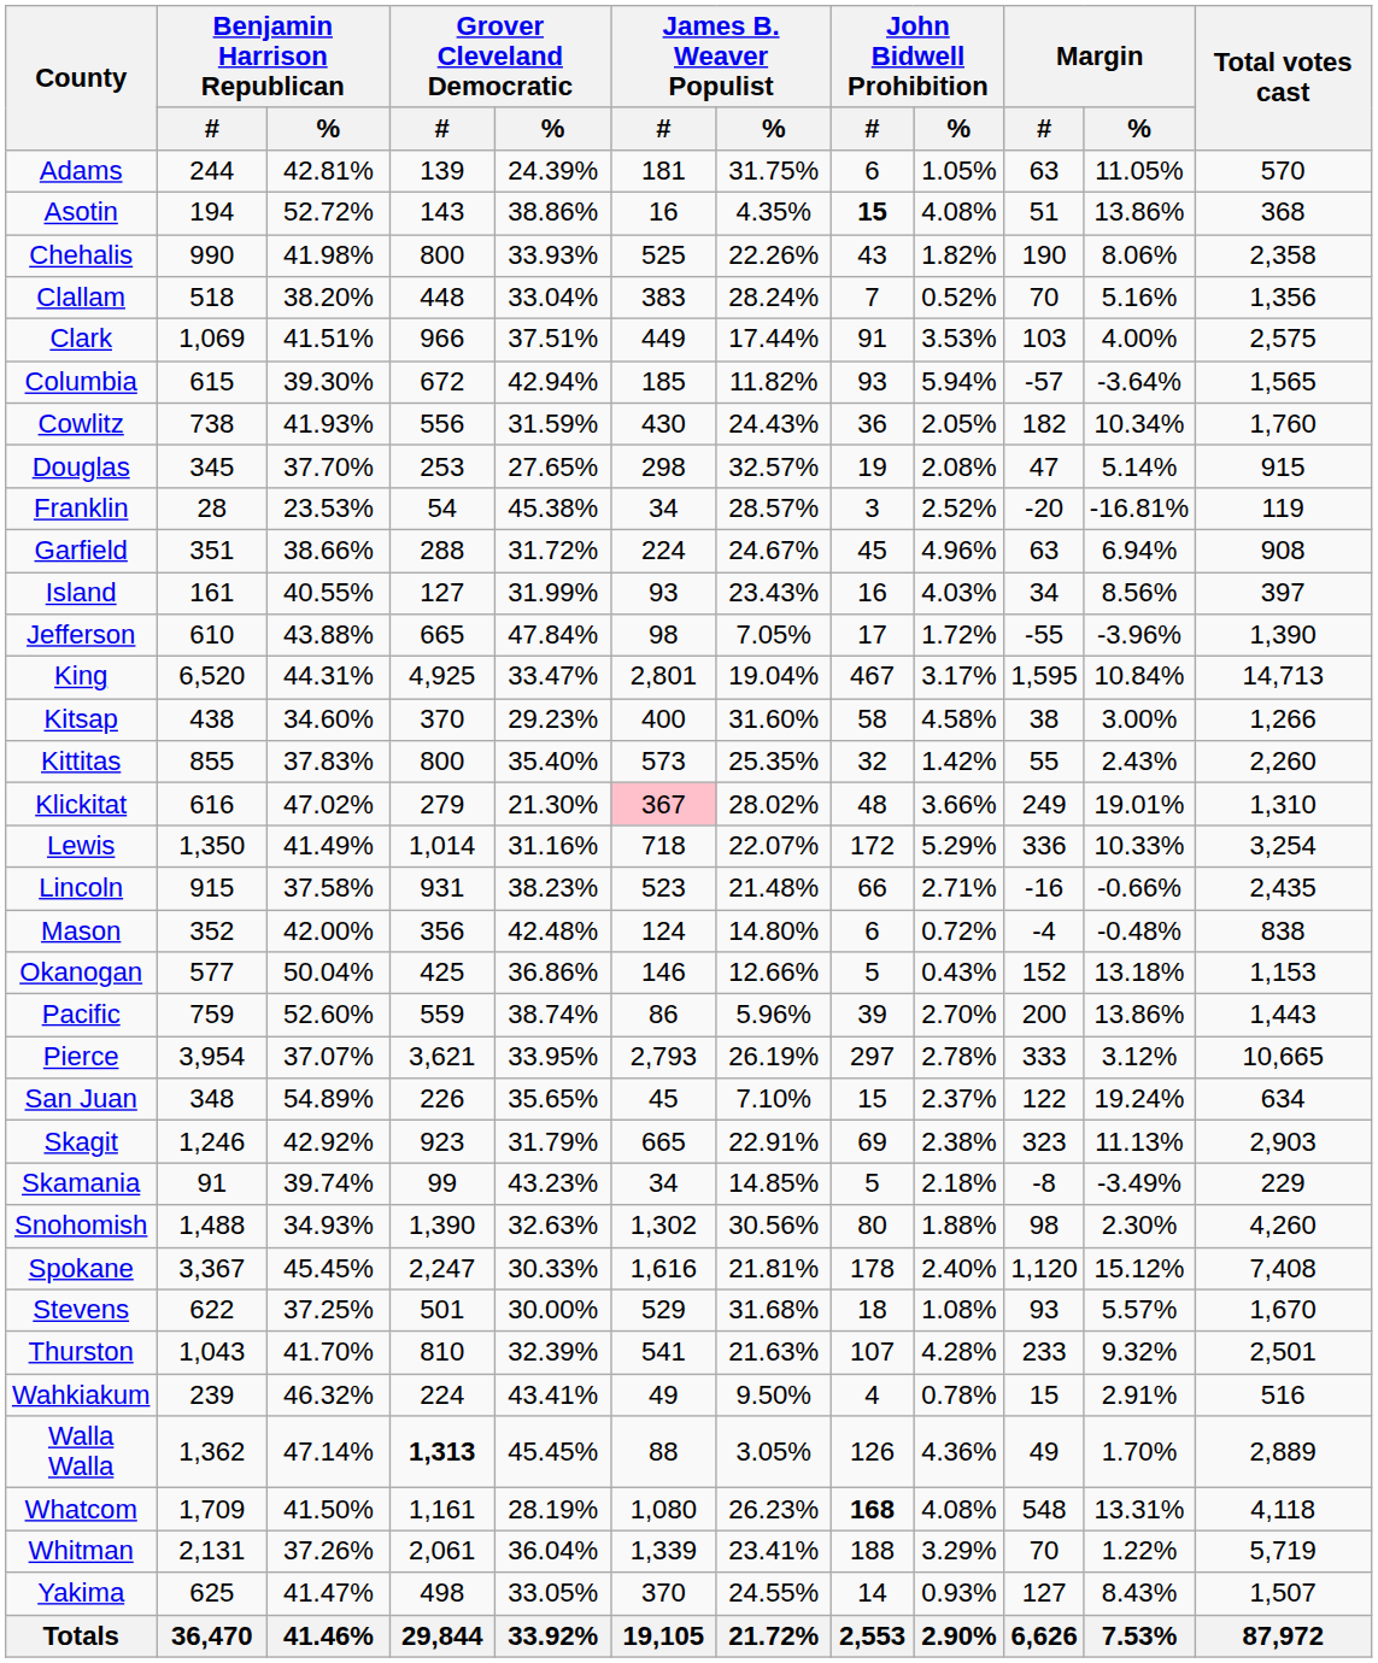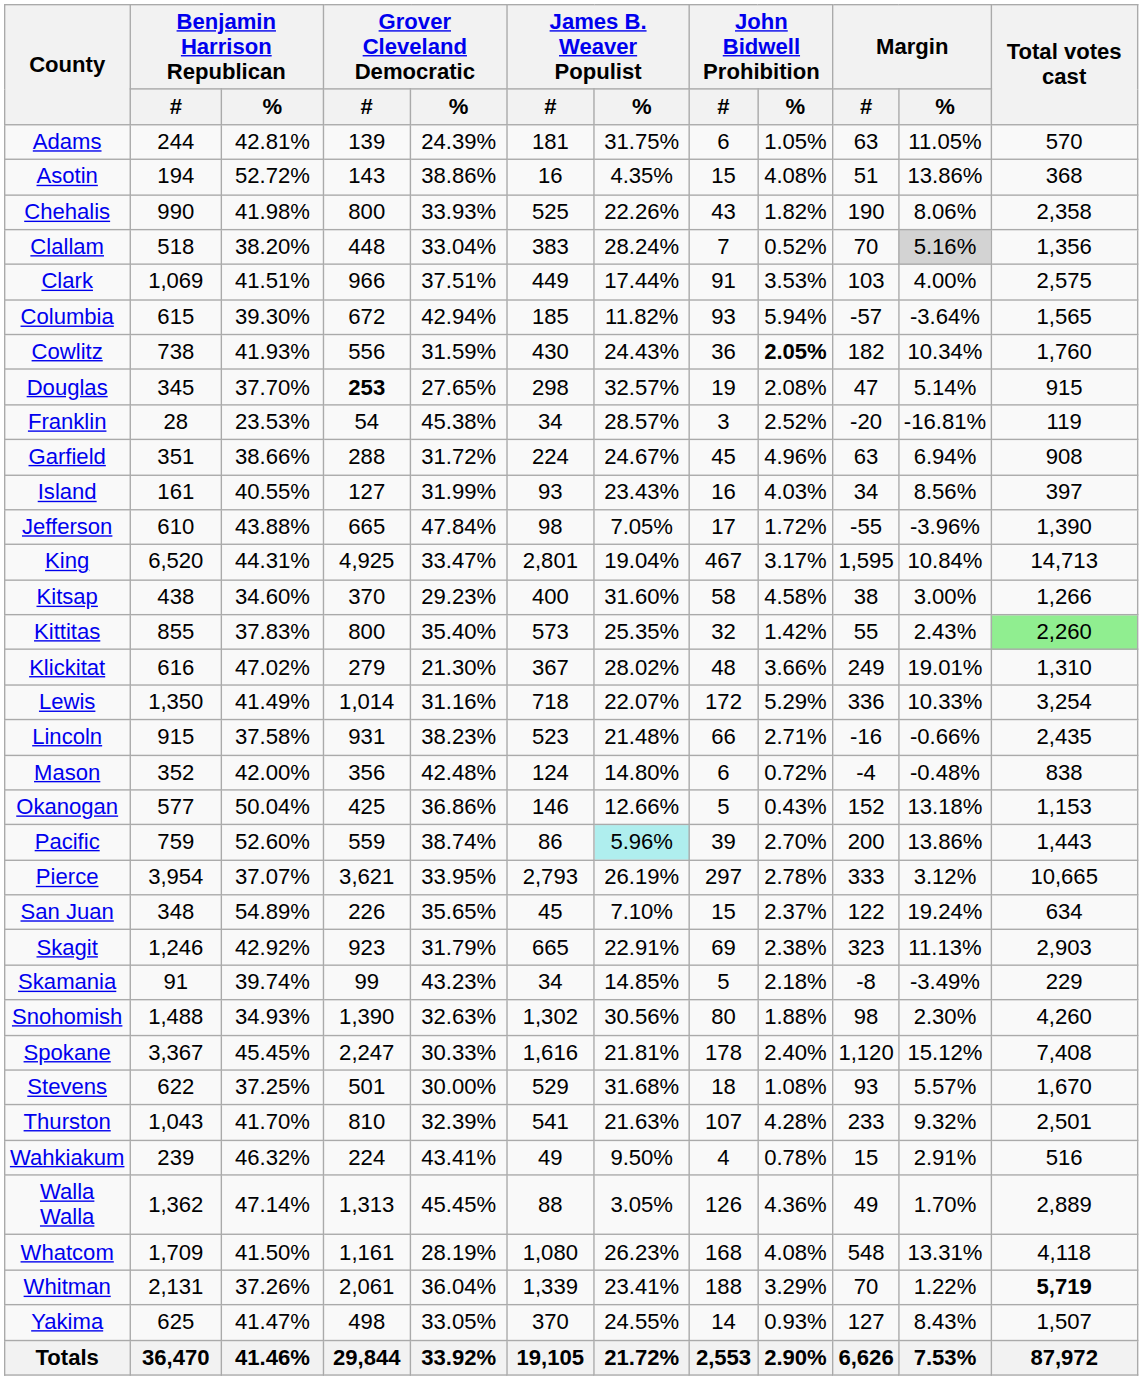 <table width="65%" class="wikitable sortable">
 <tr>
 <th style="text-align:center;" rowspan="2">County</th>
 <th style="text-align:center;" colspan="2"><a href='#'>Benjamin Harrison</a><br>Republican</th>
 <th style="text-align:center;" colspan="2"><a href='#'>Grover Cleveland</a><br>Democratic</th>
 <th style="text-align:center;" colspan="2"><a href='#'>James B. Weaver</a><br>Populist</th>
 <th style="text-align:center;" colspan="2"><a href='#'>John Bidwell</a><br>Prohibition</th>
 <th style="text-align:center;" colspan="2">Margin</th>
 <th style="text-align:center;" rowspan="2">Total votes cast</th>
 </tr>
 <tr bgcolor="lightgrey">
 <th style="text-align:center;" data-sort-type="number">#</th>
 <th style="text-align:center;" data-sort-type="number">%</th>
 <th style="text-align:center;" data-sort-type="number">#</th>
 <th style="text-align:center;" data-sort-type="number">%</th>
 <th style="text-align:center;" data-sort-type="number">#</th>
 <th style="text-align:center;" data-sort-type="number">%</th>
 <th style="text-align:center;" data-sort-type="number">#</th>
 <th style="text-align:center;" data-sort-type="number">%</th>
 <th style="text-align:center;" data-sort-type="number">#</th>
 <th style="text-align:center;" data-sort-type="number">%</th>
 </tr>
 <tr style="text-align:center;">
 <td><a href='#'>Adams</a></td>
 <td>244</td>
 <td>42.81%</td>
 <td>139</td>
 <td>24.39%</td>
 <td>181</td>
 <td>31.75%</td>
 <td>6</td>
 <td>1.05%</td>
 <td>63</td>
 <td>11.05%</td>
 <td>570</td>
 </tr>
 <tr style="text-align:center;">
 <td><a href='#'>Asotin</a></td>
 <td>194</td>
 <td>52.72%</td>
 <td>143</td>
 <td>38.86%</td>
 <td>16</td>
 <td>4.35%</td>
-<td><strong>15</strong></td>
+<td>15</td>
 <td>4.08%</td>
 <td>51</td>
 <td>13.86%</td>
 <td>368</td>
 </tr>
 <tr style="text-align:center;">
 <td><a href='#'>Chehalis</a></td>
 <td>990</td>
 <td>41.98%</td>
 <td>800</td>
 <td>33.93%</td>
 <td>525</td>
 <td>22.26%</td>
 <td>43</td>
 <td>1.82%</td>
 <td>190</td>
 <td>8.06%</td>
 <td>2,358</td>
 </tr>
 <tr style="text-align:center;">
 <td><a href='#'>Clallam</a></td>
 <td>518</td>
 <td>38.20%</td>
 <td>448</td>
 <td>33.04%</td>
 <td>383</td>
 <td>28.24%</td>
 <td>7</td>
 <td>0.52%</td>
 <td>70</td>
-<td>5.16%</td>
+<td style="background: lightgrey;">5.16%</td>
 <td>1,356</td>
 </tr>
 <tr style="text-align:center;">
 <td><a href='#'>Clark</a></td>
 <td>1,069</td>
 <td>41.51%</td>
 <td>966</td>
 <td>37.51%</td>
 <td>449</td>
 <td>17.44%</td>
 <td>91</td>
 <td>3.53%</td>
 <td>103</td>
 <td>4.00%</td>
 <td>2,575</td>
 </tr>
 <tr style="text-align:center;">
 <td><a href='#'>Columbia</a></td>
 <td>615</td>
 <td>39.30%</td>
 <td>672</td>
 <td>42.94%</td>
 <td>185</td>
 <td>11.82%</td>
 <td>93</td>
 <td>5.94%</td>
 <td>-57</td>
 <td>-3.64%</td>
 <td>1,565</td>
 </tr>
 <tr style="text-align:center;">
 <td><a href='#'>Cowlitz</a></td>
 <td>738</td>
 <td>41.93%</td>
 <td>556</td>
 <td>31.59%</td>
 <td>430</td>
 <td>24.43%</td>
 <td>36</td>
-<td>2.05%</td>
+<td><strong>2.05%</strong></td>
 <td>182</td>
 <td>10.34%</td>
 <td>1,760</td>
 </tr>
 <tr style="text-align:center;">
 <td><a href='#'>Douglas</a></td>
 <td>345</td>
 <td>37.70%</td>
-<td>253</td>
+<td><strong>253</strong></td>
 <td>27.65%</td>
 <td>298</td>
 <td>32.57%</td>
 <td>19</td>
 <td>2.08%</td>
 <td>47</td>
 <td>5.14%</td>
 <td>915</td>
 </tr>
 <tr style="text-align:center;">
 <td><a href='#'>Franklin</a></td>
 <td>28</td>
 <td>23.53%</td>
 <td>54</td>
 <td>45.38%</td>
 <td>34</td>
 <td>28.57%</td>
 <td>3</td>
 <td>2.52%</td>
 <td>-20</td>
 <td>-16.81%</td>
 <td>119</td>
 </tr>
 <tr style="text-align:center;">
 <td><a href='#'>Garfield</a></td>
 <td>351</td>
 <td>38.66%</td>
 <td>288</td>
 <td>31.72%</td>
 <td>224</td>
 <td>24.67%</td>
 <td>45</td>
 <td>4.96%</td>
 <td>63</td>
 <td>6.94%</td>
 <td>908</td>
 </tr>
 <tr style="text-align:center;">
 <td><a href='#'>Island</a></td>
 <td>161</td>
 <td>40.55%</td>
 <td>127</td>
 <td>31.99%</td>
 <td>93</td>
 <td>23.43%</td>
 <td>16</td>
 <td>4.03%</td>
 <td>34</td>
 <td>8.56%</td>
 <td>397</td>
 </tr>
 <tr style="text-align:center;">
 <td><a href='#'>Jefferson</a></td>
 <td>610</td>
 <td>43.88%</td>
 <td>665</td>
 <td>47.84%</td>
 <td>98</td>
 <td>7.05%</td>
 <td>17</td>
 <td>1.72%</td>
 <td>-55</td>
 <td>-3.96%</td>
 <td>1,390</td>
 </tr>
 <tr style="text-align:center;">
 <td><a href='#'>King</a></td>
 <td>6,520</td>
 <td>44.31%</td>
 <td>4,925</td>
 <td>33.47%</td>
 <td>2,801</td>
 <td>19.04%</td>
 <td>467</td>
 <td>3.17%</td>
 <td>1,595</td>
 <td>10.84%</td>
 <td>14,713</td>
 </tr>
 <tr style="text-align:center;">
 <td><a href='#'>Kitsap</a></td>
 <td>438</td>
 <td>34.60%</td>
 <td>370</td>
 <td>29.23%</td>
 <td>400</td>
 <td>31.60%</td>
 <td>58</td>
 <td>4.58%</td>
 <td>38</td>
 <td>3.00%</td>
 <td>1,266</td>
 </tr>
 <tr style="text-align:center;">
 <td><a href='#'>Kittitas</a></td>
 <td>855</td>
 <td>37.83%</td>
 <td>800</td>
 <td>35.40%</td>
 <td>573</td>
 <td>25.35%</td>
 <td>32</td>
 <td>1.42%</td>
 <td>55</td>
 <td>2.43%</td>
-<td>2,260</td>
+<td style="background: lightgreen;">2,260</td>
 </tr>
 <tr style="text-align:center;">
 <td><a href='#'>Klickitat</a></td>
 <td>616</td>
 <td>47.02%</td>
 <td>279</td>
 <td>21.30%</td>
-<td style="background: pink;">367</td>
+<td>367</td>
 <td>28.02%</td>
 <td>48</td>
 <td>3.66%</td>
 <td>249</td>
 <td>19.01%</td>
 <td>1,310</td>
 </tr>
 <tr style="text-align:center;">
 <td><a href='#'>Lewis</a></td>
 <td>1,350</td>
 <td>41.49%</td>
 <td>1,014</td>
 <td>31.16%</td>
 <td>718</td>
 <td>22.07%</td>
 <td>172</td>
 <td>5.29%</td>
 <td>336</td>
 <td>10.33%</td>
 <td>3,254</td>
 </tr>
 <tr style="text-align:center;">
 <td><a href='#'>Lincoln</a></td>
 <td>915</td>
 <td>37.58%</td>
 <td>931</td>
 <td>38.23%</td>
 <td>523</td>
 <td>21.48%</td>
 <td>66</td>
 <td>2.71%</td>
 <td>-16</td>
 <td>-0.66%</td>
 <td>2,435</td>
 </tr>
 <tr style="text-align:center;">
 <td><a href='#'>Mason</a></td>
 <td>352</td>
 <td>42.00%</td>
 <td>356</td>
 <td>42.48%</td>
 <td>124</td>
 <td>14.80%</td>
 <td>6</td>
 <td>0.72%</td>
 <td>-4</td>
 <td>-0.48%</td>
 <td>838</td>
 </tr>
 <tr style="text-align:center;">
 <td><a href='#'>Okanogan</a></td>
 <td>577</td>
 <td>50.04%</td>
 <td>425</td>
 <td>36.86%</td>
 <td>146</td>
 <td>12.66%</td>
 <td>5</td>
 <td>0.43%</td>
 <td>152</td>
 <td>13.18%</td>
 <td>1,153</td>
 </tr>
 <tr style="text-align:center;">
 <td><a href='#'>Pacific</a></td>
 <td>759</td>
 <td>52.60%</td>
 <td>559</td>
 <td>38.74%</td>
 <td>86</td>
-<td>5.96%</td>
+<td style="background: paleturquoise;">5.96%</td>
 <td>39</td>
 <td>2.70%</td>
 <td>200</td>
 <td>13.86%</td>
 <td>1,443</td>
 </tr>
 <tr style="text-align:center;">
 <td><a href='#'>Pierce</a></td>
 <td>3,954</td>
 <td>37.07%</td>
 <td>3,621</td>
 <td>33.95%</td>
 <td>2,793</td>
 <td>26.19%</td>
 <td>297</td>
 <td>2.78%</td>
 <td>333</td>
 <td>3.12%</td>
 <td>10,665</td>
 </tr>
 <tr style="text-align:center;">
 <td><a href='#'>San Juan</a></td>
 <td>348</td>
 <td>54.89%</td>
 <td>226</td>
 <td>35.65%</td>
 <td>45</td>
 <td>7.10%</td>
 <td>15</td>
 <td>2.37%</td>
 <td>122</td>
 <td>19.24%</td>
 <td>634</td>
 </tr>
 <tr style="text-align:center;">
 <td><a href='#'>Skagit</a></td>
 <td>1,246</td>
 <td>42.92%</td>
 <td>923</td>
 <td>31.79%</td>
 <td>665</td>
 <td>22.91%</td>
 <td>69</td>
 <td>2.38%</td>
 <td>323</td>
 <td>11.13%</td>
 <td>2,903</td>
 </tr>
 <tr style="text-align:center;">
 <td><a href='#'>Skamania</a></td>
 <td>91</td>
 <td>39.74%</td>
 <td>99</td>
 <td>43.23%</td>
 <td>34</td>
 <td>14.85%</td>
 <td>5</td>
 <td>2.18%</td>
 <td>-8</td>
 <td>-3.49%</td>
 <td>229</td>
 </tr>
 <tr style="text-align:center;">
 <td><a href='#'>Snohomish</a></td>
 <td>1,488</td>
 <td>34.93%</td>
 <td>1,390</td>
 <td>32.63%</td>
 <td>1,302</td>
 <td>30.56%</td>
 <td>80</td>
 <td>1.88%</td>
 <td>98</td>
 <td>2.30%</td>
 <td>4,260</td>
 </tr>
 <tr style="text-align:center;">
 <td><a href='#'>Spokane</a></td>
 <td>3,367</td>
 <td>45.45%</td>
 <td>2,247</td>
 <td>30.33%</td>
 <td>1,616</td>
 <td>21.81%</td>
 <td>178</td>
 <td>2.40%</td>
 <td>1,120</td>
 <td>15.12%</td>
 <td>7,408</td>
 </tr>
 <tr style="text-align:center;">
 <td><a href='#'>Stevens</a></td>
 <td>622</td>
 <td>37.25%</td>
 <td>501</td>
 <td>30.00%</td>
 <td>529</td>
 <td>31.68%</td>
 <td>18</td>
 <td>1.08%</td>
 <td>93</td>
 <td>5.57%</td>
 <td>1,670</td>
 </tr>
 <tr style="text-align:center;">
 <td><a href='#'>Thurston</a></td>
 <td>1,043</td>
 <td>41.70%</td>
 <td>810</td>
 <td>32.39%</td>
 <td>541</td>
 <td>21.63%</td>
 <td>107</td>
 <td>4.28%</td>
 <td>233</td>
 <td>9.32%</td>
 <td>2,501</td>
 </tr>
 <tr style="text-align:center;">
 <td><a href='#'>Wahkiakum</a></td>
 <td>239</td>
 <td>46.32%</td>
 <td>224</td>
 <td>43.41%</td>
 <td>49</td>
 <td>9.50%</td>
 <td>4</td>
 <td>0.78%</td>
 <td>15</td>
 <td>2.91%</td>
 <td>516</td>
 </tr>
 <tr style="text-align:center;">
 <td><a href='#'>Walla Walla</a></td>
 <td>1,362</td>
 <td>47.14%</td>
-<td><strong>1,313</strong></td>
+<td>1,313</td>
 <td>45.45%</td>
 <td>88</td>
 <td>3.05%</td>
 <td>126</td>
 <td>4.36%</td>
 <td>49</td>
 <td>1.70%</td>
 <td>2,889</td>
 </tr>
 <tr style="text-align:center;">
 <td><a href='#'>Whatcom</a></td>
 <td>1,709</td>
 <td>41.50%</td>
 <td>1,161</td>
 <td>28.19%</td>
 <td>1,080</td>
 <td>26.23%</td>
-<td><strong>168</strong></td>
+<td>168</td>
 <td>4.08%</td>
 <td>548</td>
 <td>13.31%</td>
 <td>4,118</td>
 </tr>
 <tr style="text-align:center;">
 <td><a href='#'>Whitman</a></td>
 <td>2,131</td>
 <td>37.26%</td>
 <td>2,061</td>
 <td>36.04%</td>
 <td>1,339</td>
 <td>23.41%</td>
 <td>188</td>
 <td>3.29%</td>
 <td>70</td>
 <td>1.22%</td>
-<td>5,719</td>
+<td><strong>5,719</strong></td>
 </tr>
 <tr style="text-align:center;">
 <td><a href='#'>Yakima</a></td>
 <td>625</td>
 <td>41.47%</td>
 <td>498</td>
 <td>33.05%</td>
 <td>370</td>
 <td>24.55%</td>
 <td>14</td>
 <td>0.93%</td>
 <td>127</td>
 <td>8.43%</td>
 <td>1,507</td>
 </tr>
 <tr>
 <th>Totals</th>
 <th>36,470</th>
 <th>41.46%</th>
 <th>29,844</th>
 <th>33.92%</th>
 <th>19,105</th>
 <th>21.72%</th>
 <th>2,553</th>
 <th>2.90%</th>
 <th>6,626</th>
 <th>7.53%</th>
 <th>87,972</th>
 </tr>
 </table>
